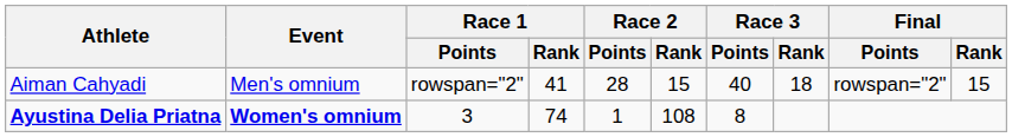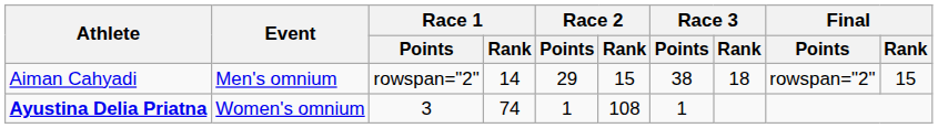 <table class=wikitable style=font-size:88%;text-align:center>
 <tr>
 <th rowspan=2>Athlete</th>
 <th rowspan=2>Event</th>
 <th colspan=2>Race 1</th>
 <th colspan=2>Race 2</th>
 <th colspan=2>Race 3</th>
 <th colspan=2>Final</th>
 </tr>
 <tr style=font-size:95%>
 <th>Points</th>
 <th>Rank</th>
 <th>Points</th>
 <th>Rank</th>
 <th>Points</th>
 <th>Rank</th>
 <th>Points</th>
 <th>Rank</th>
 </tr>
 <tr>
 <td align=left><a href='#'>Aiman Cahyadi</a></td>
 <td align=left rowspam="2"><a href='#'>Men's omnium</a></td>
 <td>rowspan="2" </td>
-<td>41</td>
-<td>28</td>
+<td>14</td>
+<td>29</td>
 <td>15</td>
-<td>40</td>
+<td>38</td>
 <td>18</td>
 <td>rowspan="2" </td>
 <td>15</td>
 </tr>
 <tr>
 <td align=left><strong><a href='#'>Ayustina Delia Priatna</a></strong></td>
-<td align=left rowspam="2"><strong><a href='#'>Women's omnium</a></strong></td>
+<td align=left rowspam="2"><a href='#'>Women's omnium</a></td>
 <td>3</td>
 <td>74</td>
 <td>1</td>
 <td>108</td>
-<td>8</td>
+<td>1</td>
 <td></td>
 </tr>
 </table>
